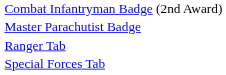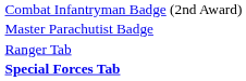 <table>
 <tr>
 <td> <a href='#'>Combat Infantryman Badge</a> (2nd Award)</td>
 </tr>
 <tr>
 <td> <a href='#'>Master Parachutist Badge</a></td>
 </tr>
 <tr>
 <td> <a href='#'>Ranger Tab</a></td>
 </tr>
 <tr>
-<td> <a href='#'>Special Forces Tab</a></td>
+<td><strong> <a href='#'>Special Forces Tab</a></strong></td>
 </tr>
 </table>
